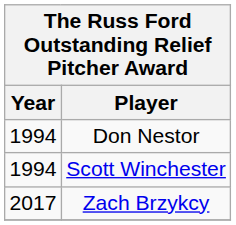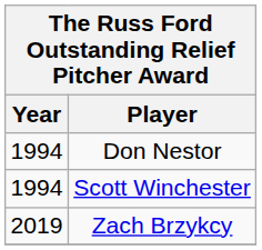 <table class="wikitable" style="display: inline-table; margin-right: 20px; text-align:center">
 <tr>
 <th scope="col" colspan="2" style="width: 145px;">The Russ Ford Outstanding Relief Pitcher Award</th>
 </tr>
 <tr>
 <th scope="col">Year</th>
 <th scope="col">Player</th>
 </tr>
 <tr>
 <td>1994</td>
 <td>Don Nestor</td>
 </tr>
 <tr>
 <td>1994</td>
 <td><a href='#'>Scott Winchester</a></td>
 </tr>
 <tr>
-<td>2017</td>
+<td>2019</td>
 <td><a href='#'>Zach Brzykcy</a></td>
 </tr>
 <tr>
 </tr>
 </table>
